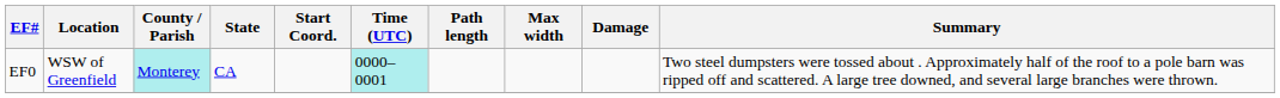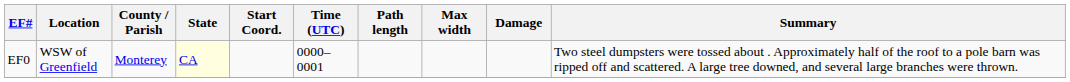 <table class="wikitable sortable" style="width:100%;">
 <tr>
 <th scope="col" width="3%" align="center"><a href='#'>EF#</a></th>
 <th scope="col" width="7%" align="center" class="unsortable">Location</th>
 <th scope="col" width="6%" align="center" class="unsortable">County / Parish</th>
 <th scope="col" width="5%" align="center">State</th>
 <th scope="col" width="6%" align="center">Start Coord.</th>
 <th scope="col" width="6%" align="center">Time (<a href='#'>UTC</a>)</th>
 <th scope="col" width="6%" align="center">Path length</th>
 <th scope="col" width="6%" align="center">Max width</th>
 <th scope="col" width="6%" align="center">Damage</th>
 <th scope="col" width="48%" class="unsortable" align="center">Summary</th>
 </tr>
 <tr>
 <td>EF0</td>
 <td>WSW of <a href='#'>Greenfield</a></td>
-<td style="background: paleturquoise;"><a href='#'>Monterey</a></td>
-<td><a href='#'>CA</a></td>
+<td><a href='#'>Monterey</a></td>
+<td style="background: lightyellow;"><a href='#'>CA</a></td>
 <td></td>
-<td style="background: paleturquoise;">0000–0001</td>
+<td>0000–0001</td>
 <td></td>
 <td></td>
 <td></td>
 <td>Two steel dumpsters were tossed about . Approximately half of the roof to a pole barn was ripped off and scattered. A large tree downed, and several large branches were thrown.</td>
 </tr>
 <tr>
 </tr>
 </table>
